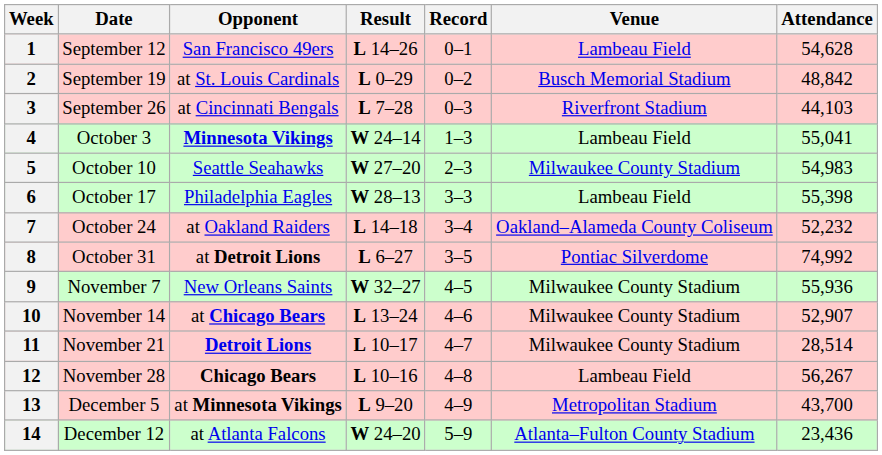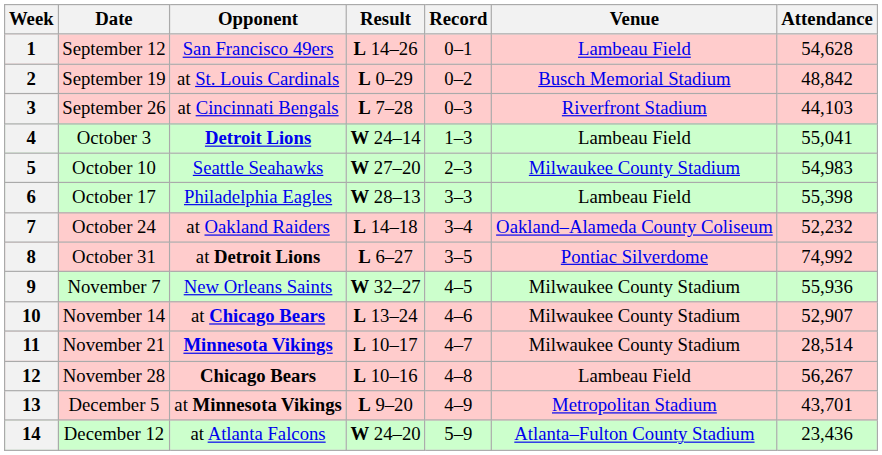 <table class="wikitable" style="text-align:center">
 <tr>
 <th>Week</th>
 <th>Date</th>
 <th>Opponent</th>
 <th>Result</th>
 <th>Record</th>
 <th>Venue</th>
 <th>Attendance</th>
 </tr>
 <tr style="background:#fcc">
 <th>1</th>
 <td>September 12</td>
 <td><a href='#'>San Francisco 49ers</a></td>
 <td><strong>L</strong> 14–26</td>
 <td>0–1</td>
 <td><a href='#'>Lambeau Field</a></td>
 <td>54,628</td>
 </tr>
 <tr style="background:#fcc">
 <th>2</th>
 <td>September 19</td>
 <td>at <a href='#'>St. Louis Cardinals</a></td>
 <td><strong>L</strong> 0–29</td>
 <td>0–2</td>
 <td><a href='#'>Busch Memorial Stadium</a></td>
 <td>48,842</td>
 </tr>
 <tr style="background:#fcc">
 <th>3</th>
 <td>September 26</td>
 <td>at <a href='#'>Cincinnati Bengals</a></td>
 <td><strong>L</strong> 7–28</td>
 <td>0–3</td>
 <td><a href='#'>Riverfront Stadium</a></td>
 <td>44,103</td>
 </tr>
 <tr style="background:#cfc">
 <th>4</th>
 <td>October 3</td>
-<td><strong><a href='#'>Minnesota Vikings</a></strong></td>
+<td><strong><a href='#'>Detroit Lions</a></strong></td>
 <td><strong>W</strong> 24–14</td>
 <td>1–3</td>
 <td>Lambeau Field</td>
 <td>55,041</td>
 </tr>
 <tr style="background:#cfc">
 <th>5</th>
 <td>October 10</td>
 <td><a href='#'>Seattle Seahawks</a></td>
 <td><strong>W</strong> 27–20</td>
 <td>2–3</td>
 <td><a href='#'>Milwaukee County Stadium</a></td>
 <td>54,983</td>
 </tr>
 <tr style="background:#cfc">
 <th>6</th>
 <td>October 17</td>
 <td><a href='#'>Philadelphia Eagles</a></td>
 <td><strong>W</strong> 28–13</td>
 <td>3–3</td>
 <td>Lambeau Field</td>
 <td>55,398</td>
 </tr>
 <tr style="background:#fcc">
 <th>7</th>
 <td>October 24</td>
 <td>at <a href='#'>Oakland Raiders</a></td>
 <td><strong>L</strong> 14–18</td>
 <td>3–4</td>
 <td><a href='#'>Oakland–Alameda County Coliseum</a></td>
 <td>52,232</td>
 </tr>
 <tr style="background:#fcc">
 <th>8</th>
 <td>October 31</td>
 <td>at <strong>Detroit Lions</strong></td>
 <td><strong>L</strong> 6–27</td>
 <td>3–5</td>
 <td><a href='#'>Pontiac Silverdome</a></td>
 <td>74,992</td>
 </tr>
 <tr style="background:#cfc">
 <th>9</th>
 <td>November 7</td>
 <td><a href='#'>New Orleans Saints</a></td>
 <td><strong>W</strong> 32–27</td>
 <td>4–5</td>
 <td>Milwaukee County Stadium</td>
 <td>55,936</td>
 </tr>
 <tr style="background:#fcc">
 <th>10</th>
 <td>November 14</td>
 <td>at <strong><a href='#'>Chicago Bears</a></strong></td>
 <td><strong>L</strong> 13–24</td>
 <td>4–6</td>
 <td>Milwaukee County Stadium</td>
 <td>52,907</td>
 </tr>
 <tr style="background:#fcc">
 <th>11</th>
 <td>November 21</td>
-<td><strong><a href='#'>Detroit Lions</a></strong></td>
+<td><strong><a href='#'>Minnesota Vikings</a></strong></td>
 <td><strong>L</strong> 10–17</td>
 <td>4–7</td>
 <td>Milwaukee County Stadium</td>
 <td>28,514</td>
 </tr>
 <tr style="background:#fcc">
 <th>12</th>
 <td>November 28</td>
 <td><strong>Chicago Bears</strong></td>
 <td><strong>L</strong> 10–16</td>
 <td>4–8</td>
 <td>Lambeau Field</td>
 <td>56,267</td>
 </tr>
 <tr style="background:#fcc">
 <th>13</th>
 <td>December 5</td>
 <td>at <strong>Minnesota Vikings</strong></td>
 <td><strong>L</strong> 9–20</td>
 <td>4–9</td>
 <td><a href='#'>Metropolitan Stadium</a></td>
-<td>43,700</td>
+<td>43,701</td>
 </tr>
 <tr style="background:#cfc">
 <th>14</th>
 <td>December 12</td>
 <td>at <a href='#'>Atlanta Falcons</a></td>
 <td><strong>W</strong> 24–20</td>
 <td>5–9</td>
 <td><a href='#'>Atlanta–Fulton County Stadium</a></td>
 <td>23,436</td>
 </tr>
 </table>
